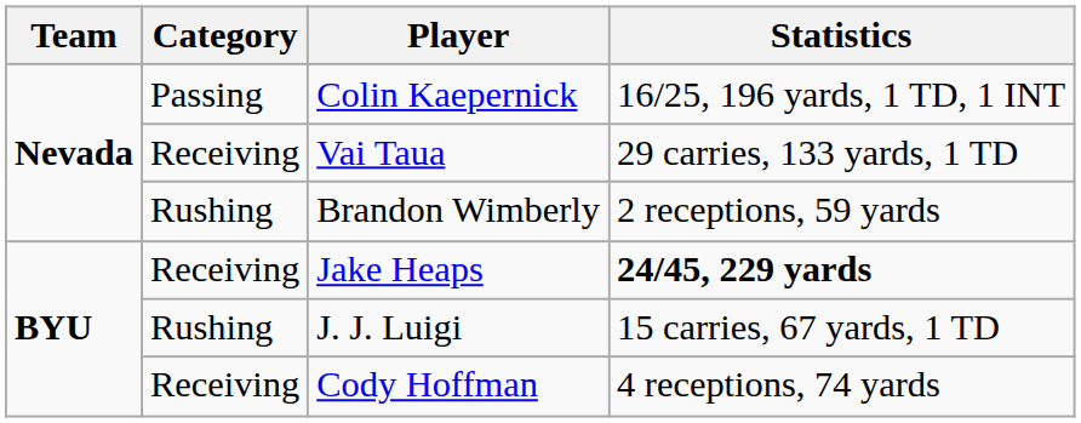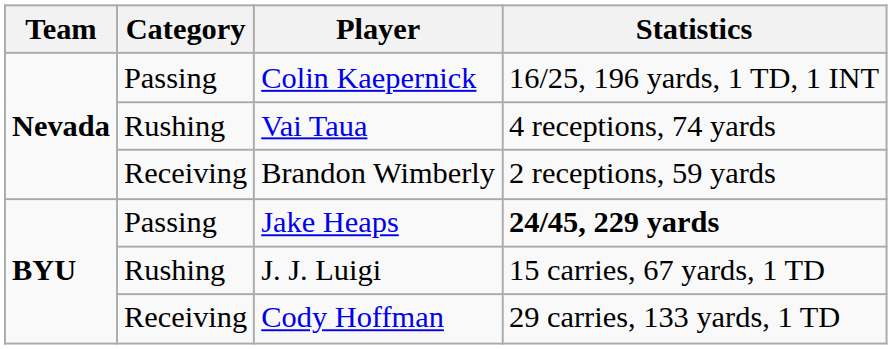 <table class="wikitable" style="float: left;">
 <tr>
 <th>Team</th>
 <th>Category</th>
 <th>Player</th>
 <th>Statistics</th>
 </tr>
 <tr>
 <td rowspan=3><strong>Nevada</strong></td>
 <td>Passing</td>
 <td><a href='#'>Colin Kaepernick</a></td>
 <td>16/25, 196 yards, 1 TD, 1 INT</td>
 </tr>
 <tr>
-<td>Receiving</td>
+<td>Rushing</td>
 <td><a href='#'>Vai Taua</a></td>
-<td>29 carries, 133 yards, 1 TD</td>
+<td>4 receptions, 74 yards</td>
 </tr>
 <tr>
-<td>Rushing</td>
+<td>Receiving</td>
 <td>Brandon Wimberly</td>
 <td>2 receptions, 59 yards</td>
 </tr>
 <tr>
 <td rowspan=3><strong>BYU</strong></td>
-<td>Receiving</td>
+<td>Passing</td>
 <td><a href='#'>Jake Heaps</a></td>
 <td><strong>24/45, 229 yards</strong></td>
 </tr>
 <tr>
 <td>Rushing</td>
 <td>J. J. Luigi</td>
 <td>15 carries, 67 yards, 1 TD</td>
 </tr>
 <tr>
 <td>Receiving</td>
 <td><a href='#'>Cody Hoffman</a></td>
-<td>4 receptions, 74 yards</td>
+<td>29 carries, 133 yards, 1 TD</td>
 </tr>
 </table>
